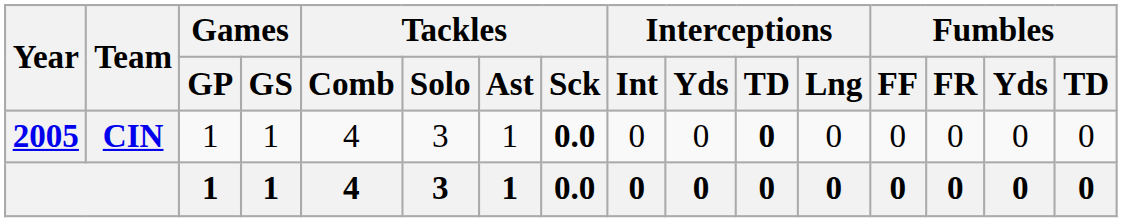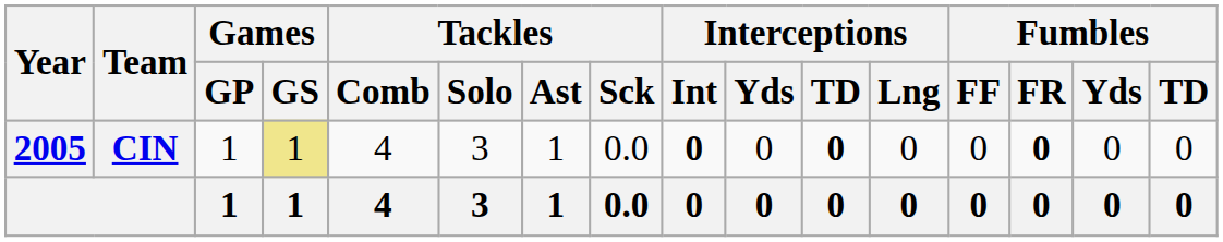 <table class="wikitable" style="text-align:center">
 <tr>
 <th rowspan="2">Year</th>
 <th rowspan="2">Team</th>
 <th colspan="2">Games</th>
 <th colspan="4">Tackles</th>
 <th colspan="4">Interceptions</th>
 <th colspan="4">Fumbles</th>
 </tr>
 <tr>
 <th>GP</th>
 <th>GS</th>
 <th>Comb</th>
 <th>Solo</th>
 <th>Ast</th>
 <th>Sck</th>
 <th>Int</th>
 <th>Yds</th>
 <th>TD</th>
 <th>Lng</th>
 <th>FF</th>
 <th>FR</th>
 <th>Yds</th>
 <th>TD</th>
 </tr>
 <tr>
 <th><a href='#'>2005</a></th>
 <th><a href='#'>CIN</a></th>
 <td>1</td>
-<td>1</td>
+<td style="background: khaki;">1</td>
 <td>4</td>
 <td>3</td>
 <td>1</td>
-<td><strong>0.0</strong></td>
-<td>0</td>
+<td>0.0</td>
+<td><strong>0</strong></td>
 <td>0</td>
 <td><strong>0</strong></td>
 <td>0</td>
 <td>0</td>
-<td>0</td>
+<td><strong>0</strong></td>
 <td>0</td>
 <td>0</td>
 </tr>
 <tr>
 <th colspan="2"></th>
 <th>1</th>
 <th>1</th>
 <th>4</th>
 <th>3</th>
 <th>1</th>
 <th>0.0</th>
 <th>0</th>
 <th>0</th>
 <th>0</th>
 <th>0</th>
 <th>0</th>
 <th>0</th>
 <th>0</th>
 <th>0</th>
 </tr>
 </table>
